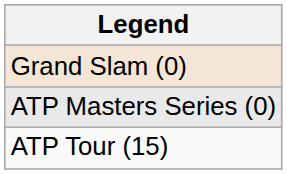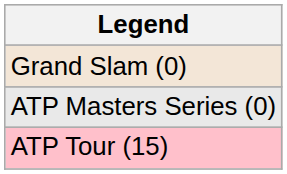 <table class="wikitable">
 <tr>
 <th>Legend</th>
 </tr>
 <tr bgcolor="#f3e6d7">
 <td>Grand Slam (0)</td>
 </tr>
 <tr bgcolor="#e9e9e9">
 <td>ATP Masters Series (0)</td>
 </tr>
 <tr>
-<td>ATP Tour (15)</td>
+<td style="background: pink;">ATP Tour (15)</td>
 </tr>
 </table>
